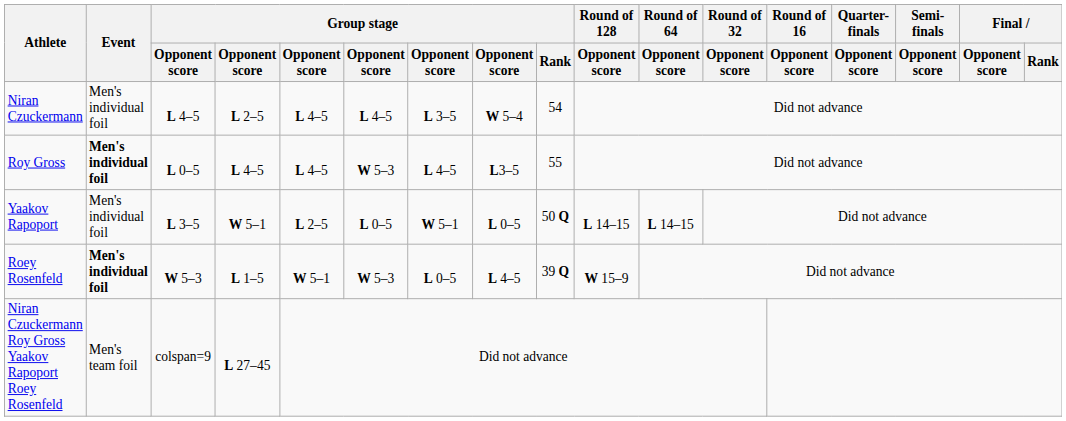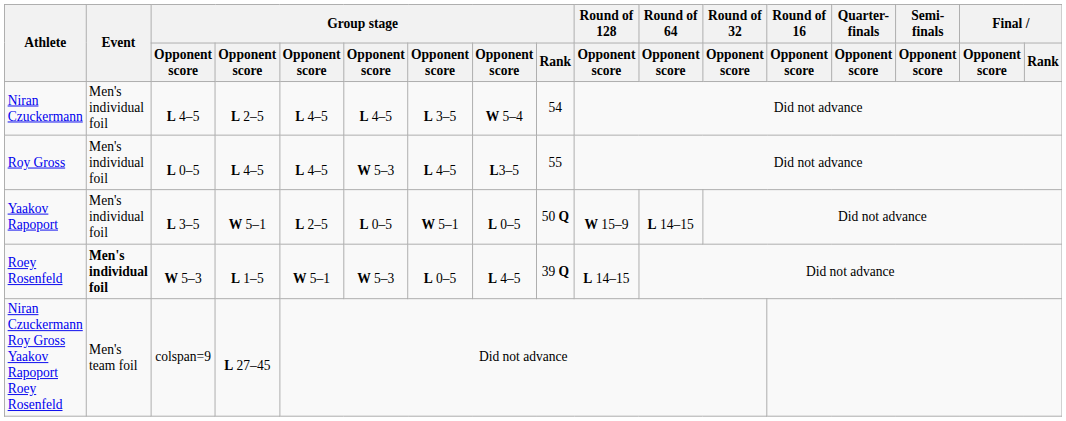 <table class="wikitable" style="font-size:90%; text-align:center">
 <tr>
 <th rowspan="2" width="100">Athlete</th>
 <th rowspan="2">Event</th>
 <th colspan="7">Group stage</th>
 <th>Round of 128</th>
 <th>Round of 64</th>
 <th>Round of 32</th>
 <th>Round of 16</th>
 <th>Quarter-finals</th>
 <th>Semi-finals</th>
 <th colspan="2">Final / </th>
 </tr>
 <tr>
 <th>Opponent<br>score</th>
 <th>Opponent<br>score</th>
 <th>Opponent<br>score</th>
 <th>Opponent<br>score</th>
 <th>Opponent<br>score</th>
 <th>Opponent<br>score</th>
 <th>Rank</th>
 <th>Opponent<br>score</th>
 <th>Opponent<br>score</th>
 <th>Opponent<br>score</th>
 <th>Opponent<br>score</th>
 <th>Opponent<br>score</th>
 <th>Opponent<br>score</th>
 <th>Opponent<br>score</th>
 <th>Rank</th>
 </tr>
 <tr>
 <td align="left"><a href='#'>Niran Czuckermann</a></td>
 <td align="left">Men's individual foil</td>
 <td><br><strong>L</strong> 4–5</td>
 <td><br><strong>L</strong> 2–5</td>
 <td><br><strong>L</strong> 4–5</td>
 <td><br><strong>L</strong> 4–5</td>
 <td><br><strong>L</strong> 3–5</td>
 <td><br><strong>W</strong> 5–4</td>
 <td>54</td>
 <td colspan="8">Did not advance</td>
 </tr>
 <tr>
 <td align="left"><a href='#'>Roy Gross</a></td>
-<td align="left"><strong>Men's individual foil</strong></td>
+<td align="left">Men's individual foil</td>
 <td><br><strong>L</strong> 0–5</td>
 <td><br><strong>L</strong> 4–5</td>
 <td><br><strong>L</strong> 4–5</td>
 <td><br><strong>W</strong> 5–3</td>
 <td><br><strong>L</strong> 4–5</td>
 <td><br><strong>L</strong>3–5</td>
 <td>55</td>
 <td colspan="8">Did not advance</td>
 </tr>
 <tr>
 <td align="left"><a href='#'>Yaakov Rapoport</a></td>
 <td align="left">Men's individual foil</td>
 <td><br><strong>L</strong> 3–5</td>
 <td><br><strong>W</strong> 5–1</td>
 <td><br><strong>L</strong> 2–5</td>
 <td><br><strong>L</strong> 0–5</td>
 <td><br><strong>W</strong> 5–1</td>
 <td><br><strong>L</strong> 0–5</td>
 <td>50 <strong>Q</strong></td>
-<td><br><strong>L</strong> 14–15</td>
+<td><br><strong>W</strong> 15–9</td>
 <td><br><strong>L</strong> 14–15</td>
 <td colspan="6">Did not advance</td>
 </tr>
 <tr>
 <td align="left"><a href='#'>Roey Rosenfeld</a></td>
 <td align="left"><strong>Men's individual foil</strong></td>
 <td><br><strong>W</strong> 5–3</td>
 <td><br><strong>L</strong> 1–5</td>
 <td><br><strong>W</strong> 5–1</td>
 <td><br><strong>W</strong> 5–3</td>
 <td><br><strong>L</strong> 0–5</td>
 <td><br><strong>L</strong> 4–5</td>
 <td>39 <strong>Q</strong></td>
-<td><br><strong>W</strong> 15–9</td>
+<td><br><strong>L</strong> 14–15</td>
 <td colspan="7">Did not advance</td>
 </tr>
 <tr>
 <td align="left"><a href='#'>Niran Czuckermann</a><br> <a href='#'>Roy Gross</a><br> <a href='#'>Yaakov Rapoport</a><br><a href='#'>Roey Rosenfeld</a></td>
 <td align="left">Men's team foil</td>
 <td>colspan=9 </td>
 <td><br><strong>L</strong> 27–45</td>
 <td colspan="8">Did not advance</td>
 </tr>
 </table>
